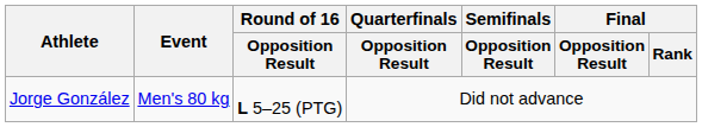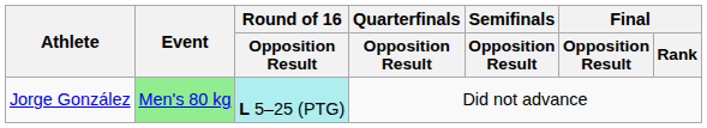 <table class="wikitable" style="font-size:90%;">
 <tr>
 <th rowspan="2">Athlete</th>
 <th rowspan="2">Event</th>
 <th>Round of 16</th>
 <th>Quarterfinals</th>
 <th>Semifinals</th>
 <th colspan="2">Final</th>
 </tr>
 <tr style="font-size:95%">
 <th>Opposition<br>Result</th>
 <th>Opposition<br>Result</th>
 <th>Opposition<br>Result</th>
 <th>Opposition<br>Result</th>
 <th>Rank</th>
 </tr>
 <tr align="center">
 <td align="left"><a href='#'>Jorge González</a></td>
-<td align="left"><a href='#'>Men's 80 kg</a></td>
-<td><br><strong>L</strong> 5–25 (PTG)</td>
+<td align="left" style="background: lightgreen;"><a href='#'>Men's 80 kg</a></td>
+<td style="background: paleturquoise;"><br><strong>L</strong> 5–25 (PTG)</td>
 <td colspan="4">Did not advance</td>
 </tr>
 </table>
